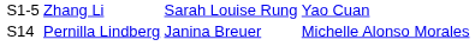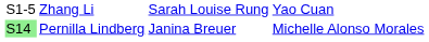 <table>
 <tr>
 <td>S1-5</td>
 <td><a href='#'>Zhang Li</a><br></td>
 <td><a href='#'>Sarah Louise Rung</a><br></td>
 <td><a href='#'>Yao Cuan</a><br></td>
 </tr>
 <tr>
-<td>S14</td>
+<td style="background: lightgreen;">S14</td>
 <td><a href='#'>Pernilla Lindberg</a><br></td>
 <td><a href='#'>Janina Breuer</a><br></td>
 <td><a href='#'>Michelle Alonso Morales</a><br></td>
 </tr>
 </table>
